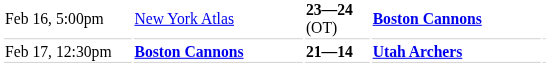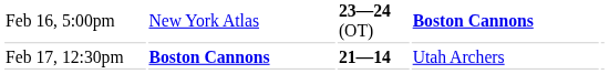 <table class="col2right col3center col4left" style="width:60%; font-size:95%">
 <tr>
 <td style="border-bottom: 1px solid lightgrey; width:8em">Feb 16, 5:00pm</td>
 <td style="border-bottom: 1px solid lightgrey"><a href='#'>New York Atlas</a></td>
 <td style="border-bottom: 1px solid lightgrey; width:4em"><strong>23—24</strong> (OT)</td>
 <td style="border-bottom: 1px solid lightgrey"><strong><a href='#'>Boston Cannons</a></strong></td>
 <td style="border-bottom: 1px solid lightgrey"></td>
 </tr>
 <tr>
 <td style="border-bottom: 1px solid lightgrey">Feb 17, 12:30pm</td>
 <td style="border-bottom: 1px solid lightgrey"><strong><a href='#'>Boston Cannons</a></strong></td>
 <td style="border-bottom: 1px solid lightgrey"><strong>21—14</strong></td>
-<td style="border-bottom: 1px solid lightgrey"><strong><a href='#'>Utah Archers</a></strong></td>
+<td style="border-bottom: 1px solid lightgrey"><a href='#'>Utah Archers</a></td>
 <td style="border-bottom: 1px solid lightgrey"></td>
 </tr>
 </table>
